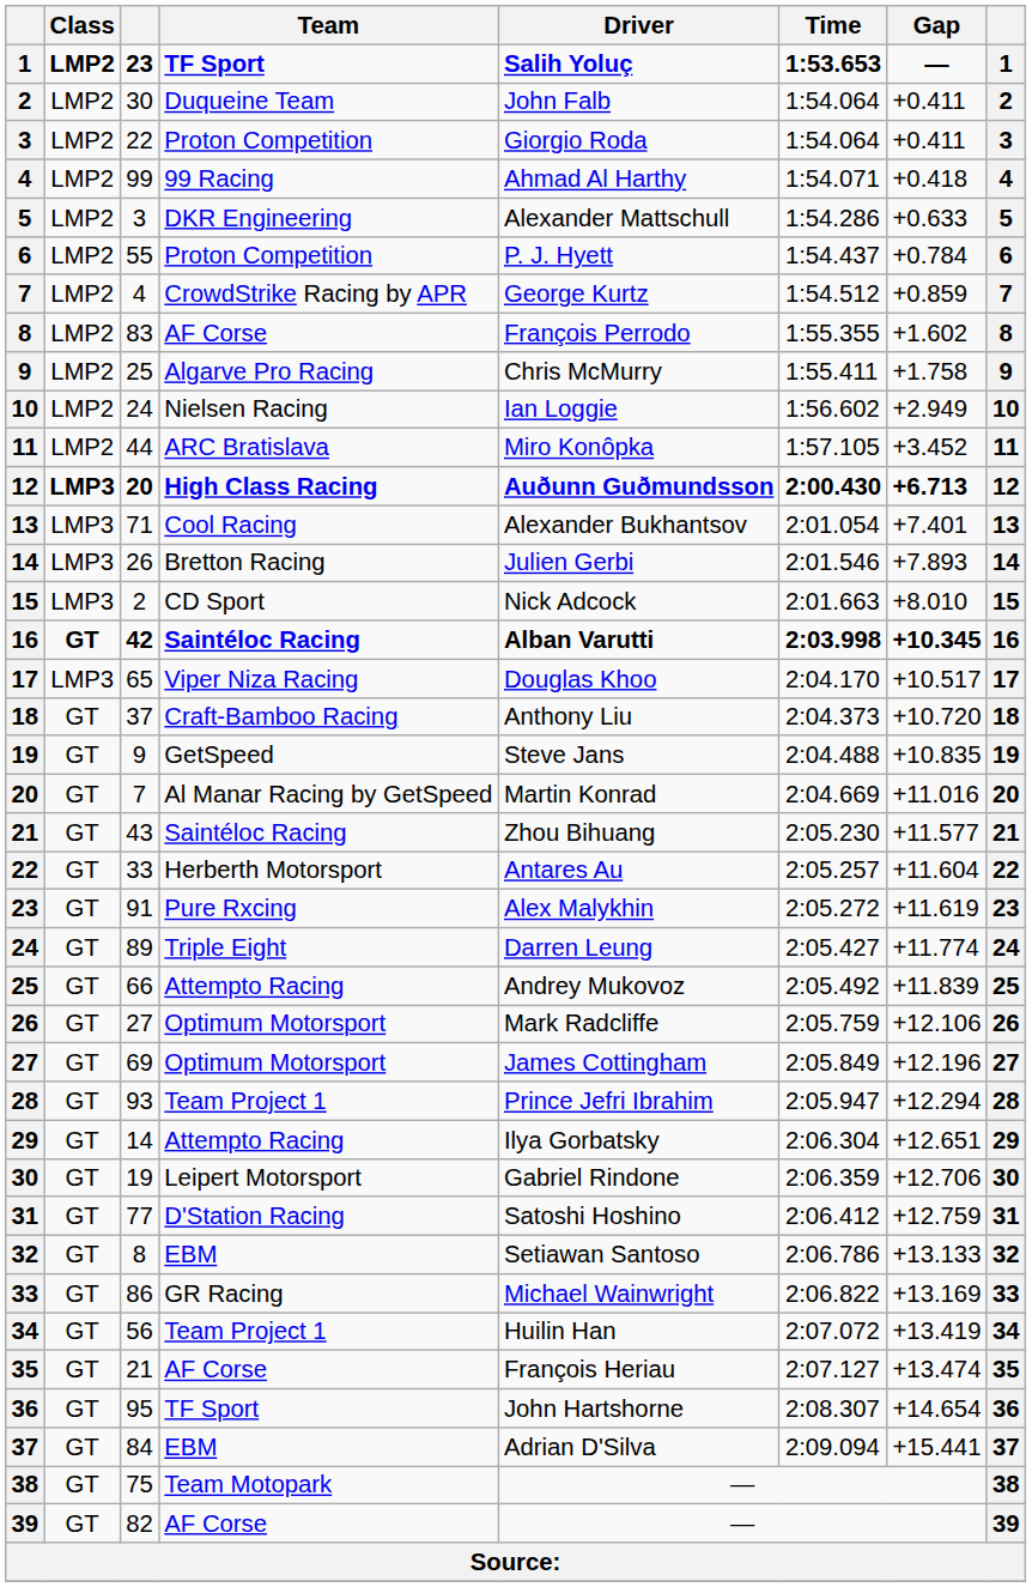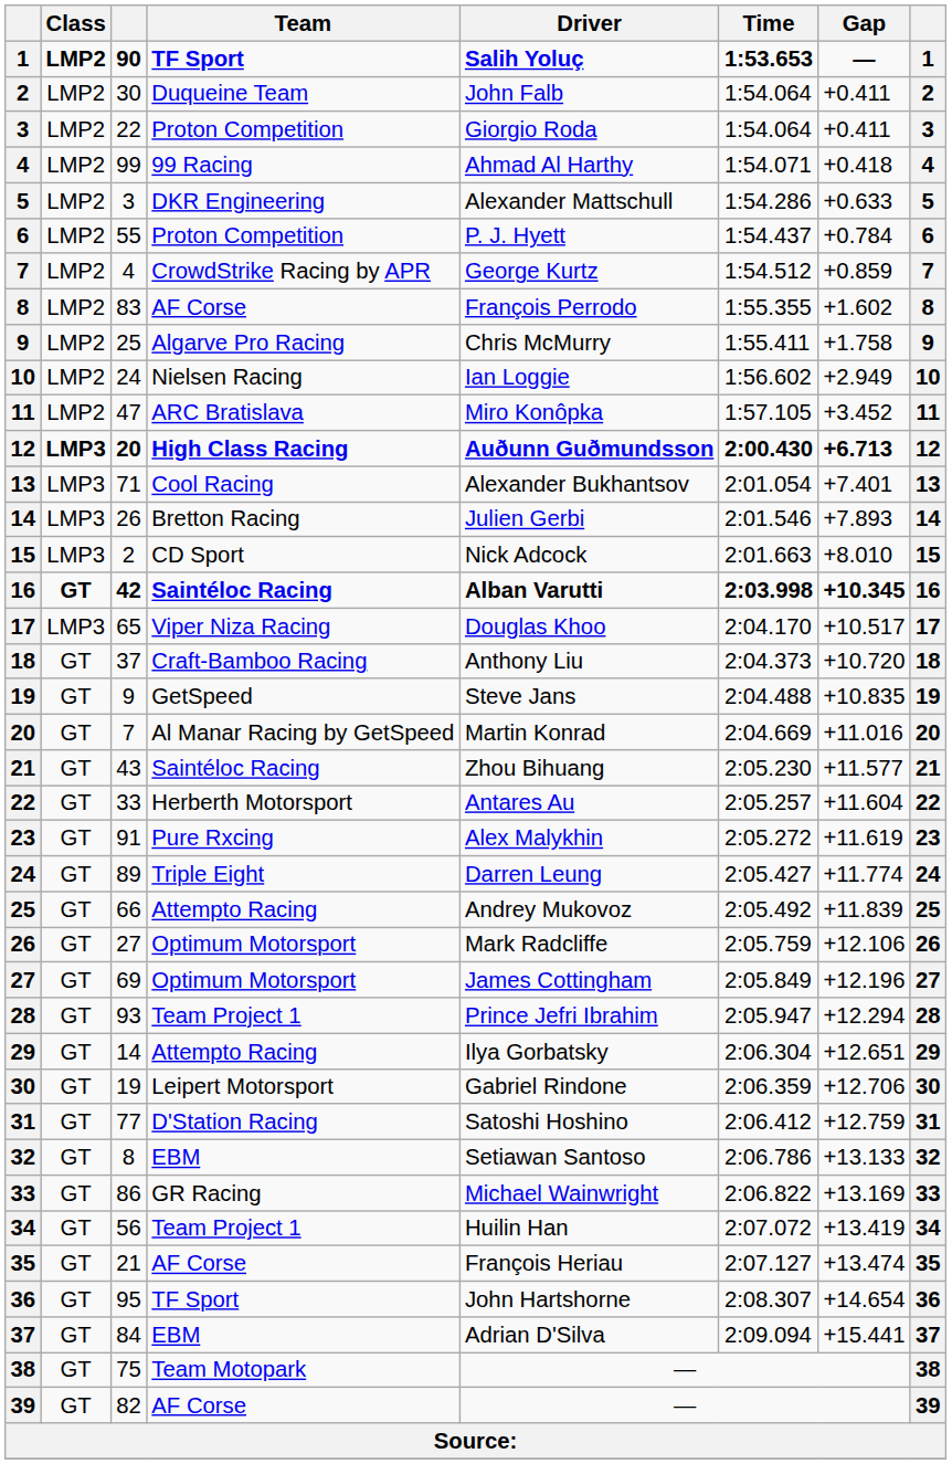 <table class="wikitable sortable" style="font-size: 90%;">
 <tr>
 <th></th>
 <th class="unsortable">Class</th>
 <th class="unsortable"></th>
 <th class="unsortable">Team</th>
 <th class="unsortable">Driver</th>
 <th class="unsortable">Time</th>
 <th class="unsortable">Gap</th>
 <th></th>
 </tr>
 <tr style="font-weight: bold;">
 <th>1</th>
 <td align="center">LMP2</td>
-<td align="center">23</td>
+<td align="center">90</td>
 <td> <a href='#'>TF Sport</a></td>
 <td> <a href='#'>Salih Yoluç</a></td>
 <td>1:53.653</td>
 <td align="center">—</td>
 <th>1</th>
 </tr>
 <tr>
 <th>2</th>
 <td align="center">LMP2</td>
 <td align="center">30</td>
 <td> <a href='#'>Duqueine Team</a></td>
 <td> <a href='#'>John Falb</a></td>
 <td>1:54.064</td>
 <td>+0.411</td>
 <th>2</th>
 </tr>
 <tr>
 <th>3</th>
 <td align="center">LMP2</td>
 <td align="center">22</td>
 <td> <a href='#'>Proton Competition</a></td>
 <td> <a href='#'>Giorgio Roda</a></td>
 <td>1:54.064</td>
 <td>+0.411</td>
 <th>3</th>
 </tr>
 <tr>
 <th>4</th>
 <td align="center">LMP2</td>
 <td align="center">99</td>
 <td> <a href='#'>99 Racing</a></td>
 <td> <a href='#'>Ahmad Al Harthy</a></td>
 <td>1:54.071</td>
 <td>+0.418</td>
 <th>4</th>
 </tr>
 <tr>
 <th>5</th>
 <td align="center">LMP2</td>
 <td align="center">3</td>
 <td> <a href='#'>DKR Engineering</a></td>
 <td> Alexander Mattschull</td>
 <td>1:54.286</td>
 <td>+0.633</td>
 <th>5</th>
 </tr>
 <tr>
 <th>6</th>
 <td align="center">LMP2</td>
 <td align="center">55</td>
 <td> <a href='#'>Proton Competition</a></td>
 <td> <a href='#'>P. J. Hyett</a></td>
 <td>1:54.437</td>
 <td>+0.784</td>
 <th>6</th>
 </tr>
 <tr>
 <th>7</th>
 <td align="center">LMP2</td>
 <td align="center">4</td>
 <td> <a href='#'>CrowdStrike</a> Racing by <a href='#'>APR</a></td>
 <td> <a href='#'>George Kurtz</a></td>
 <td>1:54.512</td>
 <td>+0.859</td>
 <th>7</th>
 </tr>
 <tr>
 <th>8</th>
 <td align="center">LMP2</td>
 <td align="center">83</td>
 <td> <a href='#'>AF Corse</a></td>
 <td> <a href='#'>François Perrodo</a></td>
 <td>1:55.355</td>
 <td>+1.602</td>
 <th>8</th>
 </tr>
 <tr>
 <th>9</th>
 <td align="center">LMP2</td>
 <td align="center">25</td>
 <td> <a href='#'>Algarve Pro Racing</a></td>
 <td> Chris McMurry</td>
 <td>1:55.411</td>
 <td>+1.758</td>
 <th>9</th>
 </tr>
 <tr>
 <th>10</th>
 <td align="center">LMP2</td>
 <td align="center">24</td>
 <td> Nielsen Racing</td>
 <td> <a href='#'>Ian Loggie</a></td>
 <td>1:56.602</td>
 <td>+2.949</td>
 <th>10</th>
 </tr>
 <tr>
 <th>11</th>
 <td align="center">LMP2</td>
-<td align="center">44</td>
+<td align="center">47</td>
 <td> <a href='#'>ARC Bratislava</a></td>
 <td> <a href='#'>Miro Konôpka</a></td>
 <td>1:57.105</td>
 <td>+3.452</td>
 <th>11</th>
 </tr>
 <tr style="font-weight: bold;">
 <th>12</th>
 <td align="center">LMP3</td>
 <td align="center">20</td>
 <td> <a href='#'>High Class Racing</a></td>
 <td> <a href='#'>Auðunn Guðmundsson</a></td>
 <td>2:00.430</td>
 <td>+6.713</td>
 <th>12</th>
 </tr>
 <tr>
 <th>13</th>
 <td align="center">LMP3</td>
 <td align="center">71</td>
 <td> <a href='#'>Cool Racing</a></td>
 <td> Alexander Bukhantsov</td>
 <td>2:01.054</td>
 <td>+7.401</td>
 <th>13</th>
 </tr>
 <tr>
 <th>14</th>
 <td align="center">LMP3</td>
 <td align="center">26</td>
 <td> Bretton Racing</td>
 <td> <a href='#'>Julien Gerbi</a></td>
 <td>2:01.546</td>
 <td>+7.893</td>
 <th>14</th>
 </tr>
 <tr>
 <th>15</th>
 <td align="center">LMP3</td>
 <td align="center">2</td>
 <td> CD Sport</td>
 <td> Nick Adcock</td>
 <td>2:01.663</td>
 <td>+8.010</td>
 <th>15</th>
 </tr>
 <tr style="font-weight: bold;">
 <th>16</th>
 <td align="center">GT</td>
 <td align="center">42</td>
 <td> <a href='#'>Saintéloc Racing</a></td>
 <td> Alban Varutti</td>
 <td>2:03.998</td>
 <td>+10.345</td>
 <th>16</th>
 </tr>
 <tr>
 <th>17</th>
 <td align="center">LMP3</td>
 <td align="center">65</td>
 <td> <a href='#'>Viper Niza Racing</a></td>
 <td> <a href='#'>Douglas Khoo</a></td>
 <td>2:04.170</td>
 <td>+10.517</td>
 <th>17</th>
 </tr>
 <tr>
 <th>18</th>
 <td align="center">GT</td>
 <td align="center">37</td>
 <td> <a href='#'>Craft-Bamboo Racing</a></td>
 <td> Anthony Liu</td>
 <td>2:04.373</td>
 <td>+10.720</td>
 <th>18</th>
 </tr>
 <tr>
 <th>19</th>
 <td align="center">GT</td>
 <td align="center">9</td>
 <td> GetSpeed</td>
 <td> Steve Jans</td>
 <td>2:04.488</td>
 <td>+10.835</td>
 <th>19</th>
 </tr>
 <tr>
 <th>20</th>
 <td align="center">GT</td>
 <td align="center">7</td>
 <td> Al Manar Racing by GetSpeed</td>
 <td> Martin Konrad</td>
 <td>2:04.669</td>
 <td>+11.016</td>
 <th>20</th>
 </tr>
 <tr>
 <th>21</th>
 <td align="center">GT</td>
 <td align="center">43</td>
 <td> <a href='#'>Saintéloc Racing</a></td>
 <td> Zhou Bihuang</td>
 <td>2:05.230</td>
 <td>+11.577</td>
 <th>21</th>
 </tr>
 <tr>
 <th>22</th>
 <td align="center">GT</td>
 <td align="center">33</td>
 <td> Herberth Motorsport</td>
 <td> <a href='#'>Antares Au</a></td>
 <td>2:05.257</td>
 <td>+11.604</td>
 <th>22</th>
 </tr>
 <tr>
 <th>23</th>
 <td align="center">GT</td>
 <td align="center">91</td>
 <td> <a href='#'>Pure Rxcing</a></td>
 <td> <a href='#'>Alex Malykhin</a></td>
 <td>2:05.272</td>
 <td>+11.619</td>
 <th>23</th>
 </tr>
 <tr>
 <th>24</th>
 <td align="center">GT</td>
 <td align="center">89</td>
 <td> <a href='#'>Triple Eight</a></td>
 <td> <a href='#'>Darren Leung</a></td>
 <td>2:05.427</td>
 <td>+11.774</td>
 <th>24</th>
 </tr>
 <tr>
 <th>25</th>
 <td align="center">GT</td>
 <td align="center">66</td>
 <td> <a href='#'>Attempto Racing</a></td>
 <td> Andrey Mukovoz</td>
 <td>2:05.492</td>
 <td>+11.839</td>
 <th>25</th>
 </tr>
 <tr>
 <th>26</th>
 <td align="center">GT</td>
 <td align="center">27</td>
 <td> <a href='#'>Optimum Motorsport</a></td>
 <td> Mark Radcliffe</td>
 <td>2:05.759</td>
 <td>+12.106</td>
 <th>26</th>
 </tr>
 <tr>
 <th>27</th>
 <td align="center">GT</td>
 <td align="center">69</td>
 <td> <a href='#'>Optimum Motorsport</a></td>
 <td> <a href='#'>James Cottingham</a></td>
 <td>2:05.849</td>
 <td>+12.196</td>
 <th>27</th>
 </tr>
 <tr>
 <th>28</th>
 <td align="center">GT</td>
 <td align="center">93</td>
 <td> <a href='#'>Team Project 1</a></td>
 <td> <a href='#'>Prince Jefri Ibrahim</a></td>
 <td>2:05.947</td>
 <td>+12.294</td>
 <th>28</th>
 </tr>
 <tr>
 <th>29</th>
 <td align="center">GT</td>
 <td align="center">14</td>
 <td> <a href='#'>Attempto Racing</a></td>
 <td> Ilya Gorbatsky</td>
 <td>2:06.304</td>
 <td>+12.651</td>
 <th>29</th>
 </tr>
 <tr>
 <th>30</th>
 <td align="center">GT</td>
 <td align="center">19</td>
 <td> Leipert Motorsport</td>
 <td> Gabriel Rindone</td>
 <td>2:06.359</td>
 <td>+12.706</td>
 <th>30</th>
 </tr>
 <tr>
 <th>31</th>
 <td align="center">GT</td>
 <td align="center">77</td>
 <td> <a href='#'>D'Station Racing</a></td>
 <td> Satoshi Hoshino</td>
 <td>2:06.412</td>
 <td>+12.759</td>
 <th>31</th>
 </tr>
 <tr>
 <th>32</th>
 <td align="center">GT</td>
 <td align="center">8</td>
 <td> <a href='#'>EBM</a></td>
 <td> Setiawan Santoso</td>
 <td>2:06.786</td>
 <td>+13.133</td>
 <th>32</th>
 </tr>
 <tr>
 <th>33</th>
 <td align="center">GT</td>
 <td align="center">86</td>
 <td> GR Racing</td>
 <td> <a href='#'>Michael Wainwright</a></td>
 <td>2:06.822</td>
 <td>+13.169</td>
 <th>33</th>
 </tr>
 <tr>
 <th>34</th>
 <td align="center">GT</td>
 <td align="center">56</td>
 <td> <a href='#'>Team Project 1</a></td>
 <td> Huilin Han</td>
 <td>2:07.072</td>
 <td>+13.419</td>
 <th>34</th>
 </tr>
 <tr>
 <th>35</th>
 <td align="center">GT</td>
 <td align="center">21</td>
 <td> <a href='#'>AF Corse</a></td>
 <td> François Heriau</td>
 <td>2:07.127</td>
 <td>+13.474</td>
 <th>35</th>
 </tr>
 <tr>
 <th>36</th>
 <td align="center">GT</td>
 <td align="center">95</td>
 <td> <a href='#'>TF Sport</a></td>
 <td> John Hartshorne</td>
 <td>2:08.307</td>
 <td>+14.654</td>
 <th>36</th>
 </tr>
 <tr>
 <th>37</th>
 <td align="center">GT</td>
 <td align="center">84</td>
 <td> <a href='#'>EBM</a></td>
 <td> Adrian D'Silva</td>
 <td>2:09.094</td>
 <td>+15.441</td>
 <th>37</th>
 </tr>
 <tr>
 <th>38</th>
 <td align="center">GT</td>
 <td align="center">75</td>
 <td> <a href='#'>Team Motopark</a></td>
 <td colspan="3" align="center">—</td>
 <th>38</th>
 </tr>
 <tr>
 <th>39</th>
 <td align="center">GT</td>
 <td align="center">82</td>
 <td> <a href='#'>AF Corse</a></td>
 <td colspan="3" align="center">—</td>
 <th>39</th>
 </tr>
 <tr>
 <th colspan="8">Source:</th>
 </tr>
 <tr>
 </tr>
 </table>
